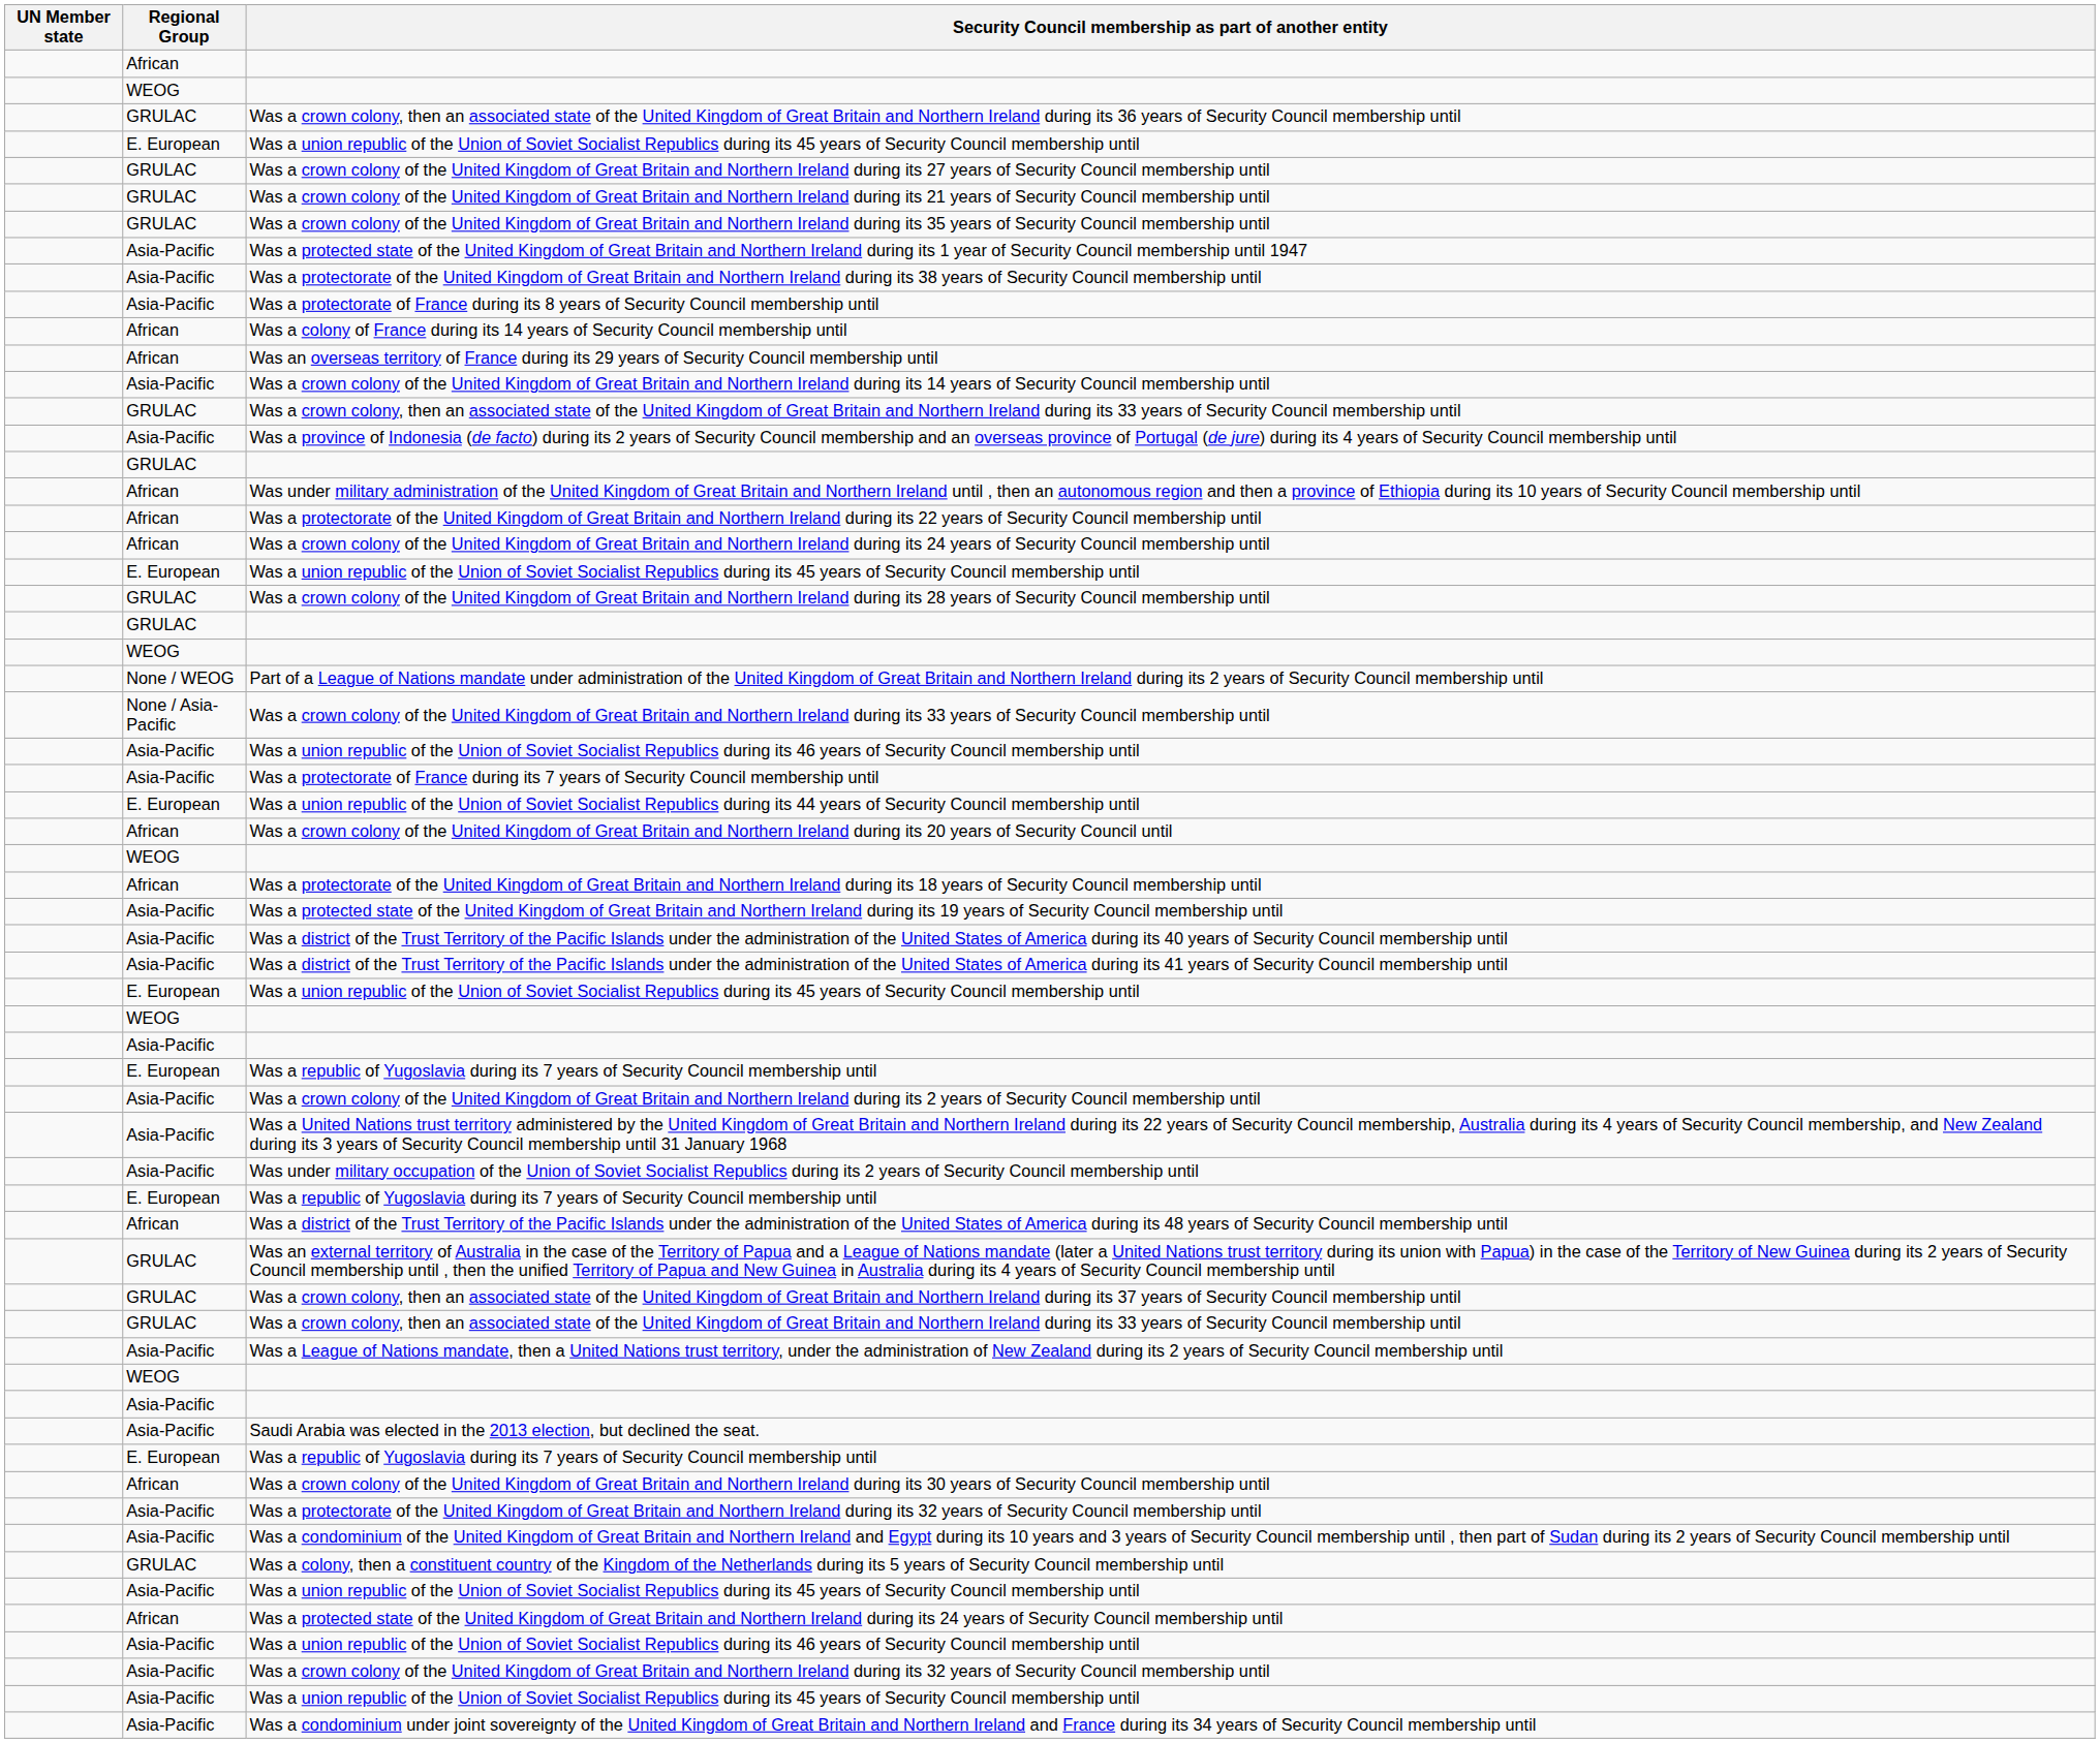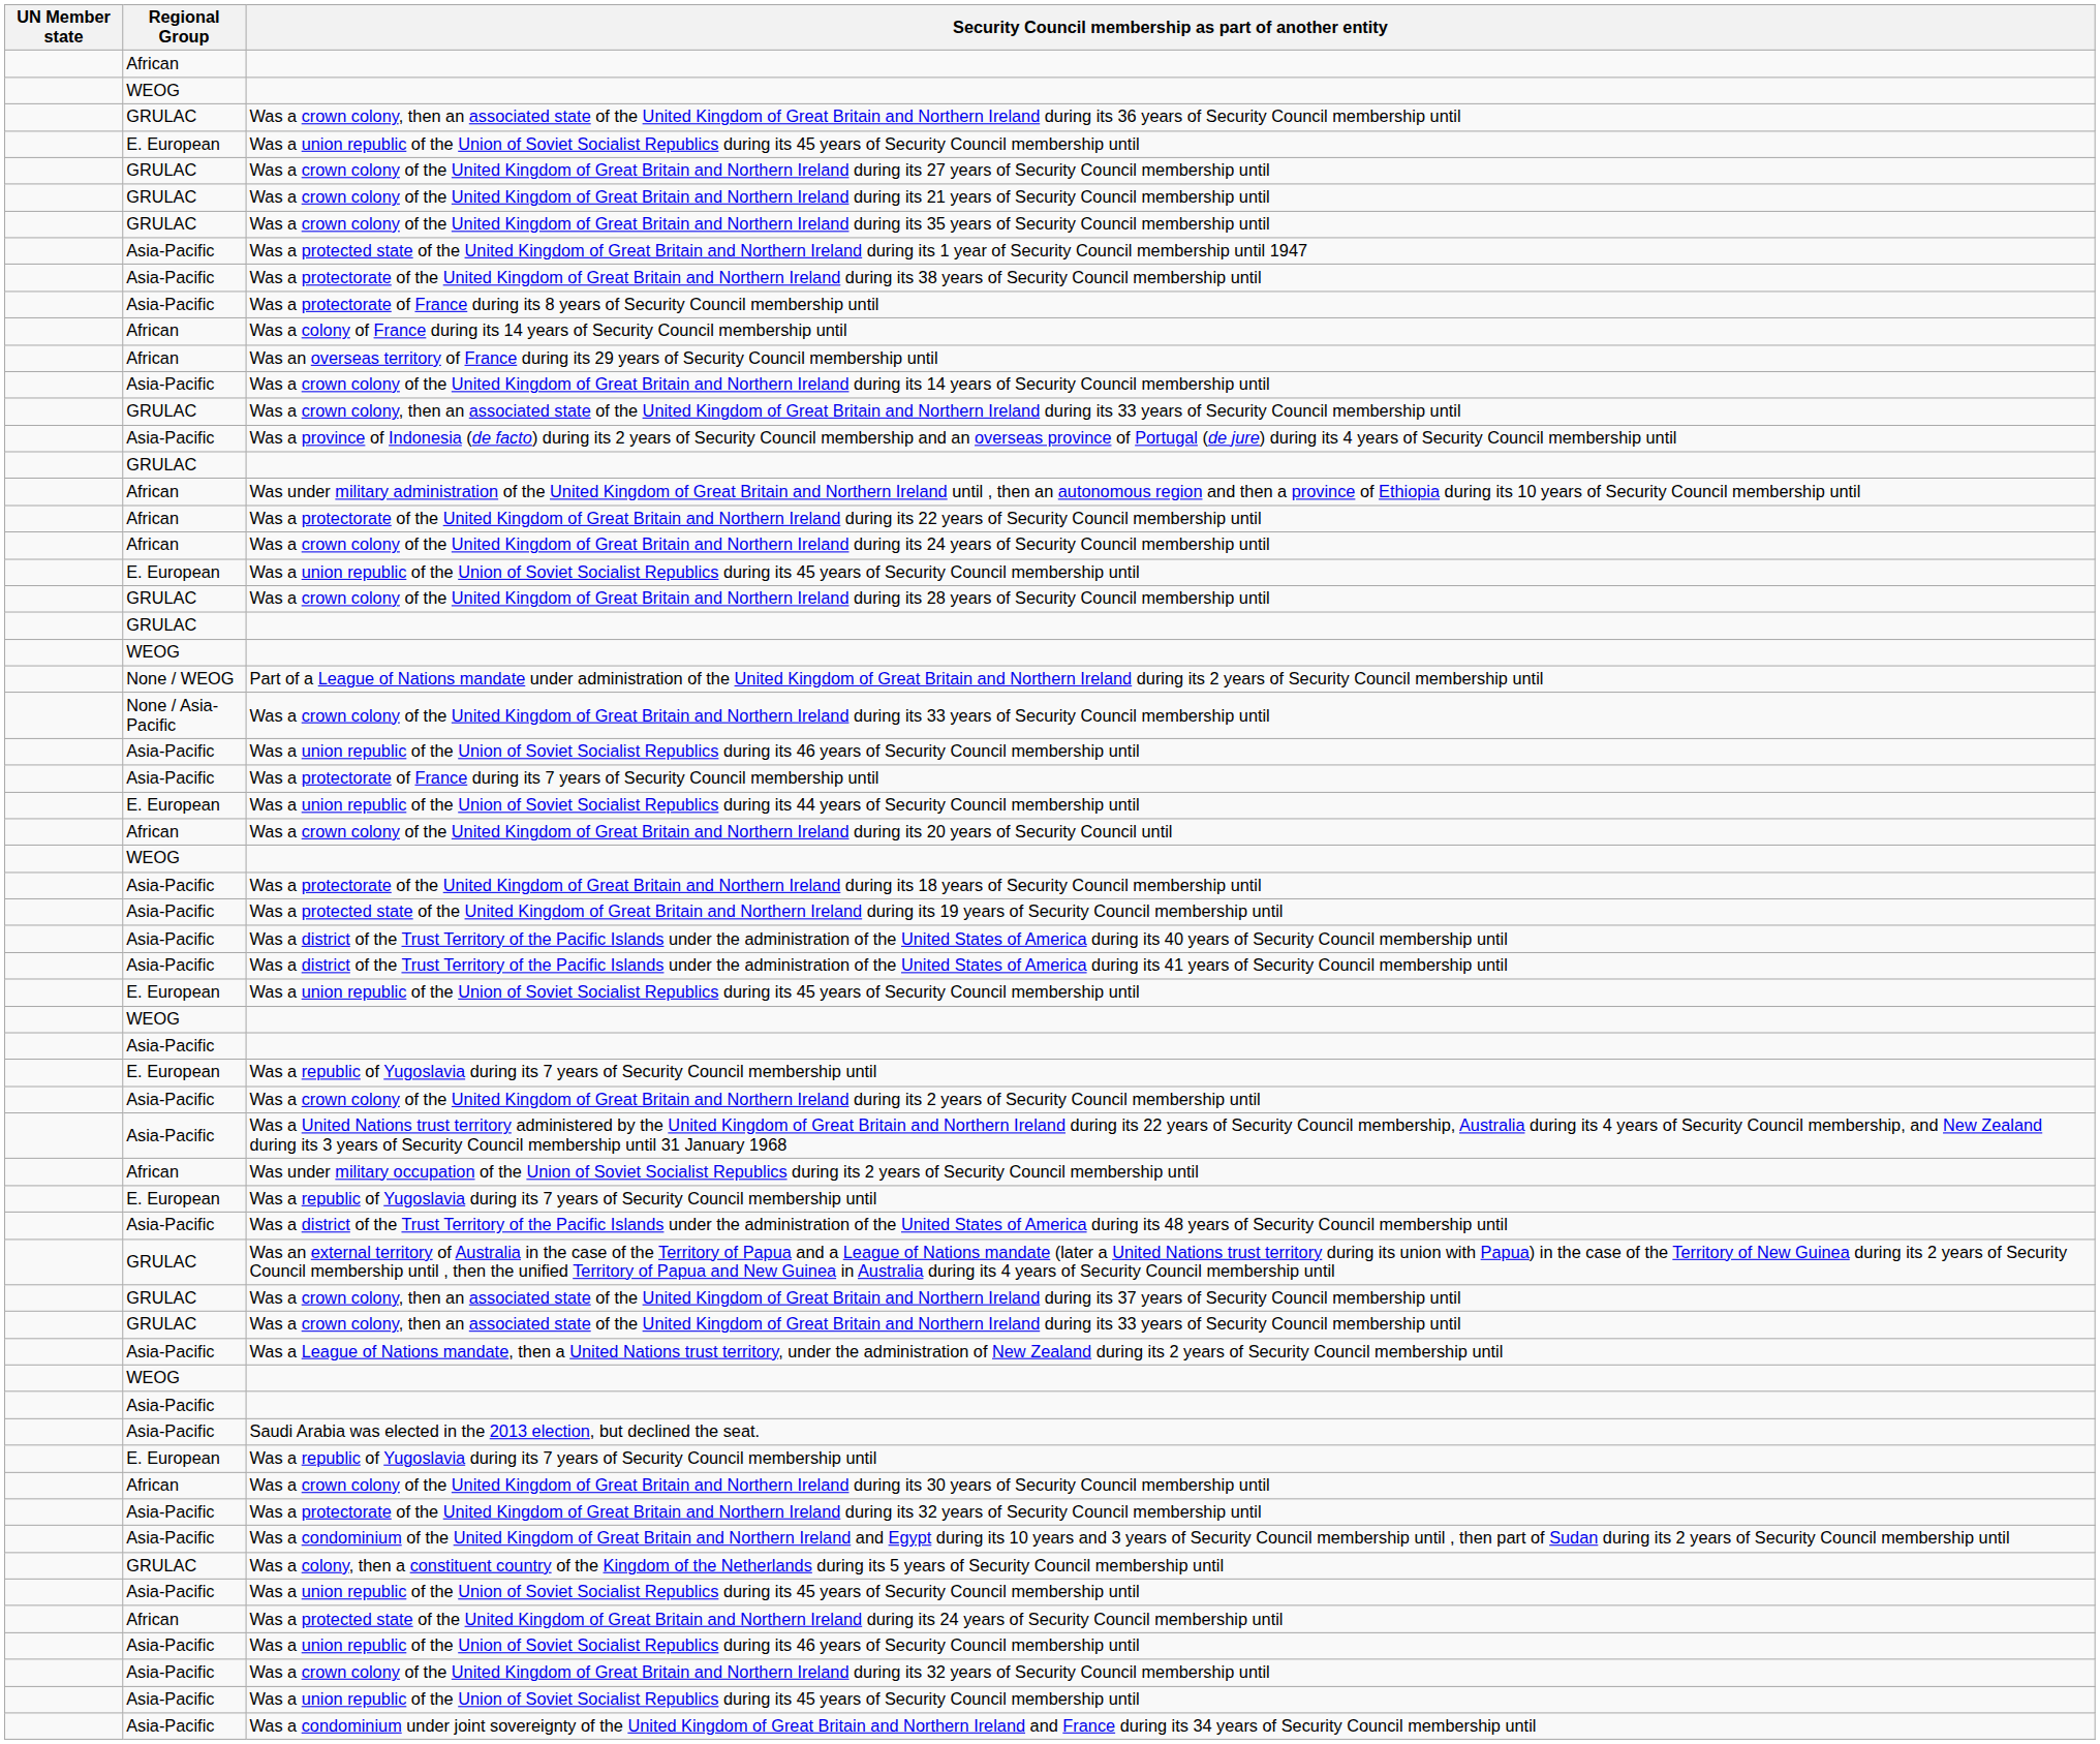 <table class="sortable wikitable" style="width:100%;" cellpadding="5" cellspacing="0">
 <tr>
 <th>UN Member state</th>
 <th>Regional Group</th>
 <th>Security Council membership as part of another entity</th>
 </tr>
 <tr>
 <td></td>
 <td>African</td>
 <td></td>
 </tr>
 <tr>
 <td></td>
 <td>WEOG</td>
 <td></td>
 </tr>
 <tr>
 <td></td>
 <td>GRULAC</td>
 <td>Was a <a href='#'>crown colony</a>, then an <a href='#'>associated state</a> of the <a href='#'>United Kingdom of Great Britain and Northern Ireland</a> during its 36 years of Security Council membership until </td>
 </tr>
 <tr>
 <td></td>
 <td>E. European</td>
 <td>Was a <a href='#'>union republic</a> of the <a href='#'>Union of Soviet Socialist Republics</a> during its 45 years of Security Council membership until <a href='#'></a></td>
 </tr>
 <tr>
 <td></td>
 <td>GRULAC</td>
 <td>Was a <a href='#'>crown colony</a> of the <a href='#'>United Kingdom of Great Britain and Northern Ireland</a> during its 27 years of Security Council membership until </td>
 </tr>
 <tr>
 <td></td>
 <td>GRULAC</td>
 <td>Was a <a href='#'>crown colony</a> of the <a href='#'>United Kingdom of Great Britain and Northern Ireland</a> during its 21 years of Security Council membership until <a href='#'></a></td>
 </tr>
 <tr>
 <td></td>
 <td>GRULAC</td>
 <td>Was a <a href='#'>crown colony</a> of the <a href='#'>United Kingdom of Great Britain and Northern Ireland</a> during its 35 years of Security Council membership until <a href='#'></a></td>
 </tr>
 <tr>
 <td></td>
 <td>Asia-Pacific</td>
 <td>Was a <a href='#'>protected state</a> of the <a href='#'>United Kingdom of Great Britain and Northern Ireland</a> during its 1 year of Security Council membership until 1947</td>
 </tr>
 <tr>
 <td></td>
 <td>Asia-Pacific</td>
 <td>Was a <a href='#'>protectorate</a> of the <a href='#'>United Kingdom of Great Britain and Northern Ireland</a> during its 38 years of Security Council membership until <a href='#'></a></td>
 </tr>
 <tr>
 <td></td>
 <td>Asia-Pacific</td>
 <td>Was a <a href='#'>protectorate</a> of <a href='#'>France</a> during its 8 years of Security Council membership until <a href='#'></a></td>
 </tr>
 <tr>
 <td></td>
 <td>African</td>
 <td>Was a <a href='#'>colony</a> of <a href='#'>France</a> during its 14 years of Security Council membership until </td>
 </tr>
 <tr>
 <td></td>
 <td>African</td>
 <td>Was an <a href='#'>overseas territory</a> of <a href='#'>France</a> during its 29 years of Security Council membership until <a href='#'></a></td>
 </tr>
 <tr>
 <td></td>
 <td>Asia-Pacific</td>
 <td>Was a <a href='#'>crown colony</a> of the <a href='#'>United Kingdom of Great Britain and Northern Ireland</a> during its 14 years of Security Council membership until <a href='#'></a></td>
 </tr>
 <tr>
 <td></td>
 <td>GRULAC</td>
 <td>Was a <a href='#'>crown colony</a>, then an <a href='#'>associated state</a> of the <a href='#'>United Kingdom of Great Britain and Northern Ireland</a> during its 33 years of Security Council membership until </td>
 </tr>
 <tr>
 <td></td>
 <td>Asia-Pacific</td>
 <td>Was a <a href='#'>province</a> of <a href='#'>Indonesia</a> (<em><a href='#'>de facto</a></em>) during its 2 years of Security Council membership and an <a href='#'>overseas province</a> of <a href='#'>Portugal</a> (<em><a href='#'>de jure</a></em>) during its 4 years of Security Council membership until <a href='#'></a></td>
 </tr>
 <tr>
 <td></td>
 <td>GRULAC</td>
 <td></td>
 </tr>
 <tr>
 <td></td>
 <td>African</td>
 <td>Was under <a href='#'>military administration</a> of the <a href='#'>United Kingdom of Great Britain and Northern Ireland</a> until , then an <a href='#'>autonomous region</a> and then a <a href='#'>province</a> of <a href='#'>Ethiopia</a> during its 10 years of Security Council membership until <a href='#'></a></td>
 </tr>
 <tr>
 <td></td>
 <td>African</td>
 <td>Was a <a href='#'>protectorate</a> of the <a href='#'>United Kingdom of Great Britain and Northern Ireland</a> during its 22 years of Security Council membership until </td>
 </tr>
 <tr>
 <td></td>
 <td>African</td>
 <td>Was a <a href='#'>crown colony</a> of the <a href='#'>United Kingdom of Great Britain and Northern Ireland</a> during its 24 years of Security Council membership until <a href='#'></a></td>
 </tr>
 <tr>
 <td></td>
 <td>E. European</td>
 <td>Was a <a href='#'>union republic</a> of the <a href='#'>Union of Soviet Socialist Republics</a> during its 45 years of Security Council membership until <a href='#'></a></td>
 </tr>
 <tr>
 <td></td>
 <td>GRULAC</td>
 <td>Was a <a href='#'>crown colony</a> of the <a href='#'>United Kingdom of Great Britain and Northern Ireland</a> during its 28 years of Security Council membership until <a href='#'></a></td>
 </tr>
 <tr>
 <td></td>
 <td>GRULAC</td>
 <td></td>
 </tr>
 <tr>
 <td></td>
 <td>WEOG</td>
 <td></td>
 </tr>
 <tr>
 <td></td>
 <td>None / WEOG</td>
 <td>Part of a <a href='#'>League of Nations mandate</a> under administration of the <a href='#'>United Kingdom of Great Britain and Northern Ireland</a> during its 2 years of Security Council membership until <a href='#'></a></td>
 </tr>
 <tr>
 <td></td>
 <td>None / Asia-Pacific</td>
 <td>Was a <a href='#'>crown colony</a> of the <a href='#'>United Kingdom of Great Britain and Northern Ireland</a> during its 33 years of Security Council membership until </td>
 </tr>
 <tr>
 <td></td>
 <td>Asia-Pacific</td>
 <td>Was a <a href='#'>union republic</a> of the <a href='#'>Union of Soviet Socialist Republics</a> during its 46 years of Security Council membership until <a href='#'></a></td>
 </tr>
 <tr>
 <td></td>
 <td>Asia-Pacific</td>
 <td>Was a <a href='#'>protectorate</a> of <a href='#'>France</a> during its 7 years of Security Council membership until </td>
 </tr>
 <tr>
 <td></td>
 <td>E. European</td>
 <td>Was a <a href='#'>union republic</a> of the <a href='#'>Union of Soviet Socialist Republics</a> during its 44 years of Security Council membership until <a href='#'></a></td>
 </tr>
 <tr>
 <td></td>
 <td>African</td>
 <td>Was a <a href='#'>crown colony</a> of the <a href='#'>United Kingdom of Great Britain and Northern Ireland</a> during its 20 years of Security Council until </td>
 </tr>
 <tr>
 <td></td>
 <td>WEOG</td>
 <td></td>
 </tr>
 <tr>
 <td></td>
-<td>African</td>
+<td>Asia-Pacific</td>
 <td>Was a <a href='#'>protectorate</a> of the <a href='#'>United Kingdom of Great Britain and Northern Ireland</a> during its 18 years of Security Council membership until </td>
 </tr>
 <tr>
 <td></td>
 <td>Asia-Pacific</td>
 <td>Was a <a href='#'>protected state</a> of the <a href='#'>United Kingdom of Great Britain and Northern Ireland</a> during its 19 years of Security Council membership until <a href='#'></a></td>
 </tr>
 <tr>
 <td></td>
 <td>Asia-Pacific</td>
 <td>Was a <a href='#'>district</a> of the <a href='#'>Trust Territory of the Pacific Islands</a> under the administration of the <a href='#'>United States of America</a> during its 40 years of Security Council membership until <a href='#'></a></td>
 </tr>
 <tr>
 <td></td>
 <td>Asia-Pacific</td>
 <td>Was a <a href='#'>district</a> of the <a href='#'>Trust Territory of the Pacific Islands</a> under the administration of the <a href='#'>United States of America</a> during its 41 years of Security Council membership until <a href='#'></a></td>
 </tr>
 <tr>
 <td></td>
 <td>E. European</td>
 <td>Was a <a href='#'>union republic</a> of the <a href='#'>Union of Soviet Socialist Republics</a> during its 45 years of Security Council membership until <a href='#'></a></td>
 </tr>
 <tr>
 <td></td>
 <td>WEOG</td>
 <td></td>
 </tr>
 <tr>
 <td></td>
 <td>Asia-Pacific</td>
 <td></td>
 </tr>
 <tr>
 <td></td>
 <td>E. European</td>
 <td>Was a <a href='#'>republic</a> of <a href='#'>Yugoslavia</a> during its 7 years of Security Council membership until <a href='#'></a></td>
 </tr>
 <tr>
 <td></td>
 <td>Asia-Pacific</td>
 <td>Was a <a href='#'>crown colony</a> of the <a href='#'>United Kingdom of Great Britain and Northern Ireland</a> during its 2 years of Security Council membership until <a href='#'></a></td>
 </tr>
 <tr>
 <td></td>
 <td>Asia-Pacific</td>
 <td>Was a <a href='#'>United Nations trust territory</a> administered by the <a href='#'>United Kingdom of Great Britain and Northern Ireland</a> during its 22 years of Security Council membership, <a href='#'>Australia</a> during its 4 years of Security Council membership, and <a href='#'>New Zealand</a> during its 3 years of Security Council membership until 31 January 1968</td>
 </tr>
 <tr>
 <td></td>
-<td>Asia-Pacific</td>
+<td>African</td>
 <td>Was under <a href='#'>military occupation</a> of the <a href='#'>Union of Soviet Socialist Republics</a> during its 2 years of Security Council membership until <a href='#'></a></td>
 </tr>
 <tr>
 <td></td>
 <td>E. European</td>
 <td>Was a <a href='#'>republic</a> of <a href='#'>Yugoslavia</a> during its 7 years of Security Council membership until <a href='#'></a></td>
 </tr>
 <tr>
 <td></td>
-<td>African</td>
+<td>Asia-Pacific</td>
 <td>Was a <a href='#'>district</a> of the <a href='#'>Trust Territory of the Pacific Islands</a> under the administration of the <a href='#'>United States of America</a> during its 48 years of Security Council membership until <a href='#'></a></td>
 </tr>
 <tr>
 <td></td>
 <td>GRULAC</td>
 <td>Was an <a href='#'>external territory</a> of <a href='#'>Australia</a> in the case of the <a href='#'>Territory of Papua</a> and a <a href='#'>League of Nations mandate</a> (later a <a href='#'>United Nations trust territory</a> during its union with <a href='#'>Papua</a>) in the case of the <a href='#'>Territory of New Guinea</a> during its 2 years of Security Council membership until <a href='#'></a>, then the unified <a href='#'>Territory of Papua and New Guinea</a> in <a href='#'>Australia</a> during its 4 years of Security Council membership until <a href='#'></a></td>
 </tr>
 <tr>
 <td></td>
 <td>GRULAC</td>
 <td>Was a <a href='#'>crown colony</a>, then an <a href='#'>associated state</a> of the <a href='#'>United Kingdom of Great Britain and Northern Ireland</a> during its 37 years of Security Council membership until </td>
 </tr>
 <tr>
 <td></td>
 <td>GRULAC</td>
 <td>Was a <a href='#'>crown colony</a>, then an <a href='#'>associated state</a> of the <a href='#'>United Kingdom of Great Britain and Northern Ireland</a> during its 33 years of Security Council membership until </td>
 </tr>
 <tr>
 <td></td>
 <td>Asia-Pacific</td>
 <td>Was a <a href='#'>League of Nations mandate</a>, then a <a href='#'>United Nations trust territory</a>, under the administration of <a href='#'>New Zealand</a> during its 2 years of Security Council membership until </td>
 </tr>
 <tr>
 <td></td>
 <td>WEOG</td>
 <td></td>
 </tr>
 <tr>
 <td></td>
 <td>Asia-Pacific</td>
 <td></td>
 </tr>
 <tr>
 <td></td>
 <td>Asia-Pacific</td>
 <td>Saudi Arabia was elected in the <a href='#'>2013 election</a>, but declined the seat.</td>
 </tr>
 <tr>
 <td></td>
 <td>E. European</td>
 <td>Was a <a href='#'>republic</a> of <a href='#'>Yugoslavia</a> during its 7 years of Security Council membership until <a href='#'></a></td>
 </tr>
 <tr>
 <td></td>
 <td>African</td>
 <td>Was a <a href='#'>crown colony</a> of the <a href='#'>United Kingdom of Great Britain and Northern Ireland</a> during its 30 years of Security Council membership until </td>
 </tr>
 <tr>
 <td></td>
 <td>Asia-Pacific</td>
 <td>Was a <a href='#'>protectorate</a> of the <a href='#'>United Kingdom of Great Britain and Northern Ireland</a> during its 32 years of Security Council membership until </td>
 </tr>
 <tr>
 <td></td>
 <td>Asia-Pacific</td>
 <td>Was a <a href='#'>condominium</a> of the <a href='#'>United Kingdom of Great Britain and Northern Ireland</a> and <a href='#'>Egypt</a> during its 10 years and 3 years of Security Council membership until , then part of <a href='#'>Sudan</a> during its 2 years of Security Council membership until <a href='#'></a></td>
 </tr>
 <tr>
 <td></td>
 <td>GRULAC</td>
 <td>Was a <a href='#'>colony</a>, then a <a href='#'>constituent country</a> of the <a href='#'>Kingdom of the Netherlands</a> during its 5 years of Security Council membership until </td>
 </tr>
 <tr>
 <td></td>
 <td>Asia-Pacific</td>
 <td>Was a <a href='#'>union republic</a> of the <a href='#'>Union of Soviet Socialist Republics</a> during its 45 years of Security Council membership until <a href='#'></a></td>
 </tr>
 <tr>
 <td></td>
 <td>African</td>
 <td>Was a <a href='#'>protected state</a> of the <a href='#'>United Kingdom of Great Britain and Northern Ireland</a> during its 24 years of Security Council membership until </td>
 </tr>
 <tr>
 <td></td>
 <td>Asia-Pacific</td>
 <td>Was a <a href='#'>union republic</a> of the <a href='#'>Union of Soviet Socialist Republics</a> during its 46 years of Security Council membership until <a href='#'></a></td>
 </tr>
 <tr>
 <td></td>
 <td>Asia-Pacific</td>
 <td>Was a <a href='#'>crown colony</a> of the <a href='#'>United Kingdom of Great Britain and Northern Ireland</a> during its 32 years of Security Council membership until </td>
 </tr>
 <tr>
 <td></td>
 <td>Asia-Pacific</td>
 <td>Was a <a href='#'>union republic</a> of the <a href='#'>Union of Soviet Socialist Republics</a> during its 45 years of Security Council membership until <a href='#'></a></td>
 </tr>
 <tr>
 <td></td>
 <td>Asia-Pacific</td>
 <td>Was a <a href='#'>condominium</a> under joint sovereignty of the <a href='#'>United Kingdom of Great Britain and Northern Ireland</a> and <a href='#'>France</a> during its 34 years of Security Council membership until </td>
 </tr>
 </table>
